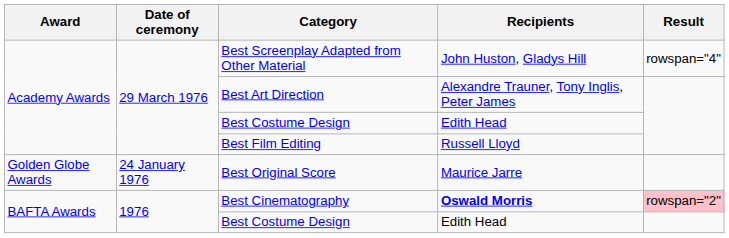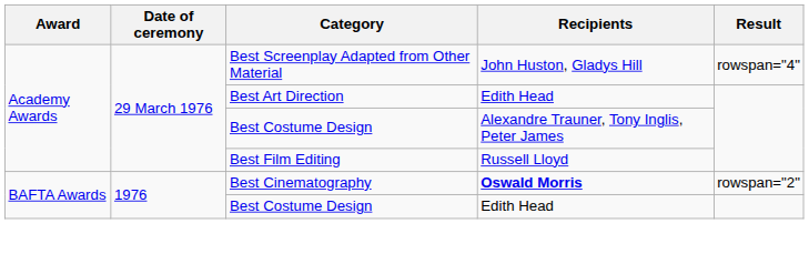 <table class="wikitable sortable plainrowheaders">
 <tr>
 <th>Award</th>
 <th>Date of ceremony</th>
 <th>Category</th>
 <th>Recipients</th>
 <th>Result</th>
 </tr>
 <tr>
 <td rowspan="4"><a href='#'>Academy Awards</a></td>
 <td rowspan="4"><a href='#'>29 March 1976</a></td>
 <td><a href='#'>Best Screenplay Adapted from Other Material</a></td>
 <td><a href='#'>John Huston</a>, <a href='#'>Gladys Hill</a></td>
 <td>rowspan="4" </td>
 </tr>
 <tr>
 <td><a href='#'>Best Art Direction</a></td>
-<td><a href='#'>Alexandre Trauner</a>, <a href='#'>Tony Inglis</a>, <a href='#'>Peter James</a></td>
+<td><a href='#'>Edith Head</a></td>
 </tr>
 <tr>
 <td><a href='#'>Best Costume Design</a></td>
-<td><a href='#'>Edith Head</a></td>
+<td><a href='#'>Alexandre Trauner</a>, <a href='#'>Tony Inglis</a>, <a href='#'>Peter James</a></td>
 </tr>
 <tr>
 <td><a href='#'>Best Film Editing</a></td>
 <td><a href='#'>Russell Lloyd</a></td>
 </tr>
 <tr>
-<td><a href='#'>Golden Globe Awards</a></td>
-<td><a href='#'>24 January 1976</a></td>
-<td><a href='#'>Best Original Score</a></td>
-<td><a href='#'>Maurice Jarre</a></td>
-<td></td>
-</tr>
-<tr>
 <td rowspan="2"><a href='#'>BAFTA Awards</a></td>
 <td rowspan="2"><a href='#'>1976</a></td>
 <td><a href='#'>Best Cinematography</a></td>
 <td><strong><a href='#'>Oswald Morris</a></strong></td>
-<td style="background: pink;">rowspan="2" </td>
+<td>rowspan="2" </td>
 </tr>
 <tr>
 <td><a href='#'>Best Costume Design</a></td>
 <td>Edith Head</td>
 </tr>
 </table>
